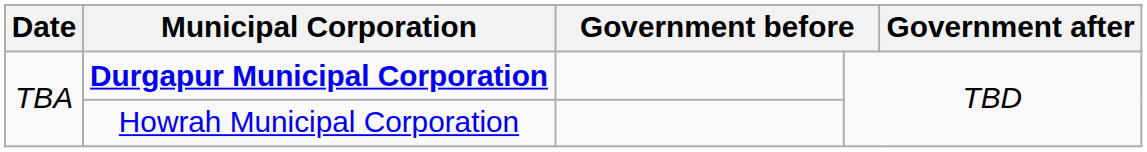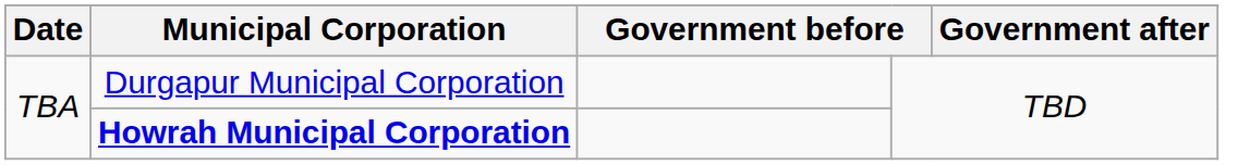 <table class="wikitable sortable"style="text-align:center;">
 <tr>
 <th>Date</th>
 <th>Municipal Corporation</th>
 <th colspan="2">Government before</th>
 <th colspan="2">Government after</th>
 </tr>
 <tr>
 <td rowspan=2><em>TBA</em></td>
-<td><strong><a href='#'>Durgapur Municipal Corporation</a></strong></td>
+<td><a href='#'>Durgapur Municipal Corporation</a></td>
 <td></td>
 <td colspan="2" rowspan="2"><em>TBD</em></td>
 </tr>
 <tr>
-<td><a href='#'>Howrah Municipal Corporation</a></td>
+<td><strong><a href='#'>Howrah Municipal Corporation</a></strong></td>
 </tr>
 </table>
